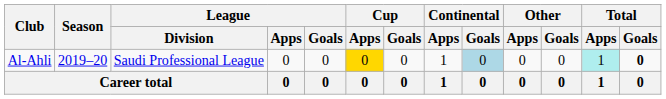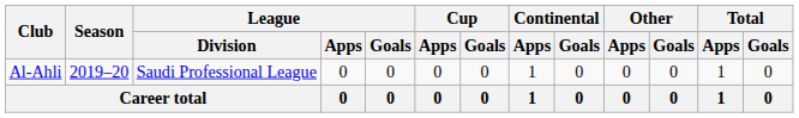 <table class="wikitable" style="text-align: center">
 <tr>
 <th rowspan="2">Club</th>
 <th rowspan="2">Season</th>
 <th colspan="3">League</th>
 <th colspan="2">Cup</th>
 <th colspan="2">Continental</th>
 <th colspan="2">Other</th>
 <th colspan="2">Total</th>
 </tr>
 <tr>
 <th>Division</th>
 <th>Apps</th>
 <th>Goals</th>
 <th>Apps</th>
 <th>Goals</th>
 <th>Apps</th>
 <th>Goals</th>
 <th>Apps</th>
 <th>Goals</th>
 <th>Apps</th>
 <th>Goals</th>
 </tr>
 <tr>
 <td><a href='#'>Al-Ahli</a></td>
 <td><a href='#'>2019–20</a></td>
 <td><a href='#'>Saudi Professional League</a></td>
 <td>0</td>
 <td>0</td>
-<td style="background: gold;">0</td>
+<td>0</td>
 <td>0</td>
 <td>1</td>
-<td style="background: lightblue;">0</td>
 <td>0</td>
 <td>0</td>
-<td style="background: paleturquoise;">1</td>
-<td><strong>0</strong></td>
+<td>0</td>
+<td>1</td>
+<td>0</td>
 </tr>
 <tr>
 <th colspan=3>Career total</th>
 <th>0</th>
 <th>0</th>
 <th>0</th>
 <th>0</th>
 <th>1</th>
 <th>0</th>
 <th>0</th>
 <th>0</th>
 <th>1</th>
 <th>0</th>
 </tr>
 </table>
